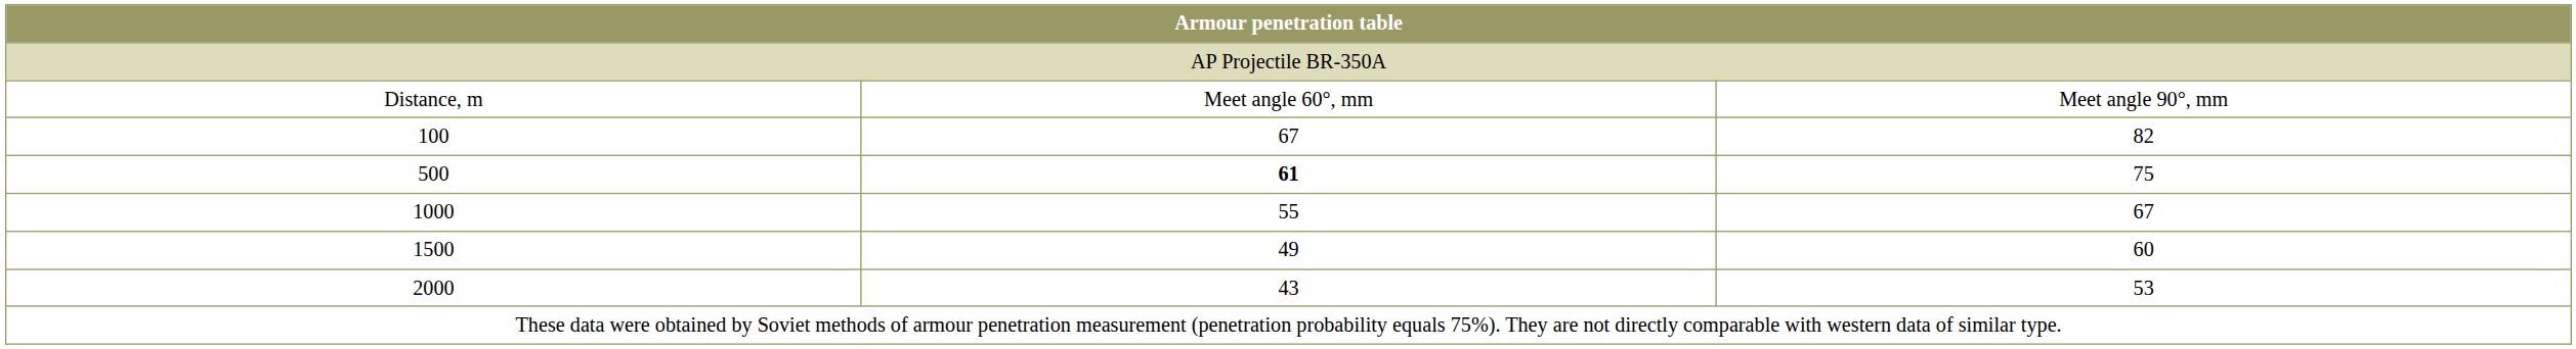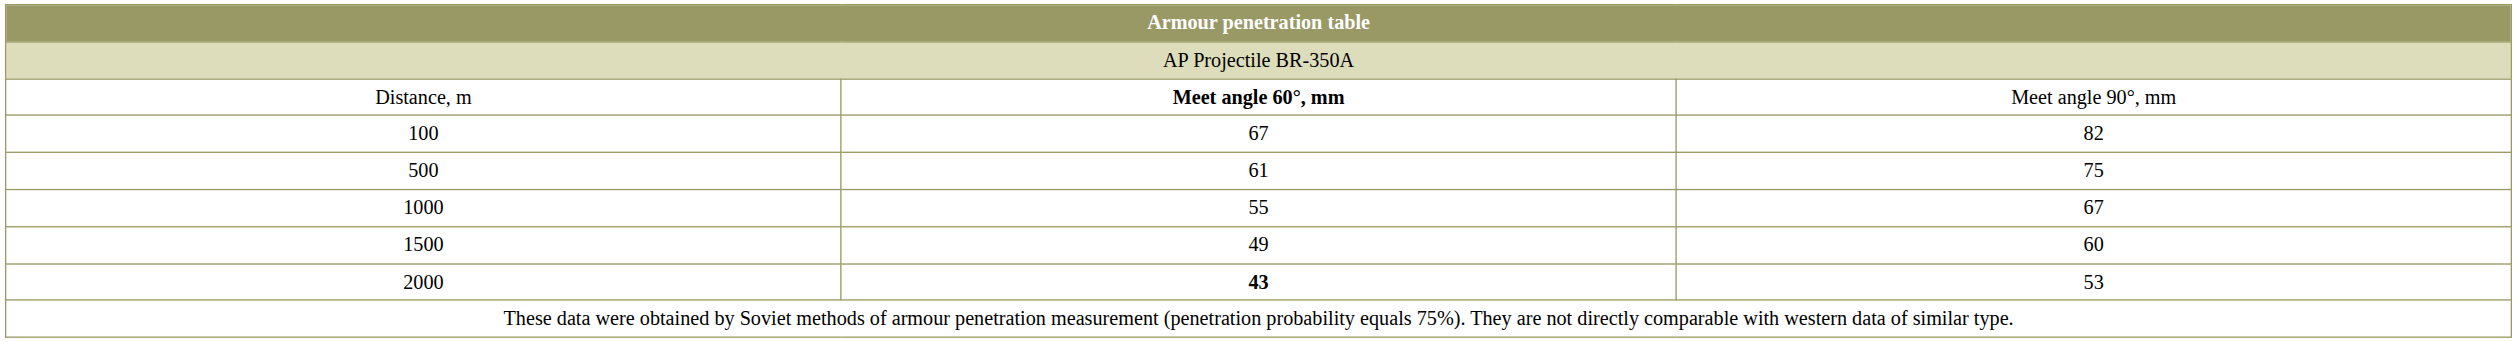 <table border=0 cellspacing=0 cellpadding=2 style="margin:0 0 .5em 1em; width:95%; background:#fff; border-collapse:collapse; border:1px solid #996; line-height:1.5; font-size:95%;">
 <tr style="vertical-align:top; text-align:center; border:1px solid #996; background-color:#996; color:#fff">
 <td colspan="3"><strong>Armour penetration table</strong></td>
 </tr>
 <tr style="vertical-align:top; text-align:center; border:1px solid #996; background-color:#ddb;">
 <td colspan="3">AP Projectile BR-350A</td>
 </tr>
 <tr style="vertical-align:top; text-align:center; border:1px solid #996;">
 <td width="33%"  style="border:1px solid #996">Distance, m</td>
-<td width="33%"  style="border:1px solid #996">Meet angle 60°, mm</td>
+<td width="33%"  style="border:1px solid #996"><strong>Meet angle 60°, mm</strong></td>
 <td width="33%"  style="border:1px solid #996">Meet angle 90°, mm</td>
 </tr>
 <tr style="vertical-align:top; text-align:center;">
 <td style="border:1px solid #996">100</td>
 <td style="border:1px solid #996">67</td>
 <td style="border:1px solid #996">82</td>
 </tr>
 <tr style="vertical-align:top; text-align:center;">
 <td style="border:1px solid #996">500</td>
-<td style="border:1px solid #996"><strong>61</strong></td>
+<td style="border:1px solid #996">61</td>
 <td style="border:1px solid #996">75</td>
 </tr>
 <tr style="vertical-align:top; text-align:center;">
 <td style="border:1px solid #996">1000</td>
 <td style="border:1px solid #996">55</td>
 <td style="border:1px solid #996">67</td>
 </tr>
 <tr style="vertical-align:top; text-align:center;">
 <td style="border:1px solid #996">1500</td>
 <td style="border:1px solid #996">49</td>
 <td style="border:1px solid #996">60</td>
 </tr>
 <tr style="vertical-align:top; text-align:center;">
 <td style="border:1px solid #996">2000</td>
-<td style="border:1px solid #996">43</td>
+<td style="border:1px solid #996"><strong>43</strong></td>
 <td style="border:1px solid #996">53</td>
 </tr>
 <tr style="vertical-align:top; text-align:center;">
 <td colspan="3">These data were obtained by Soviet methods of armour penetration measurement (penetration probability equals 75%).  They are not directly comparable with western data of similar type.</td>
 </tr>
 </table>
